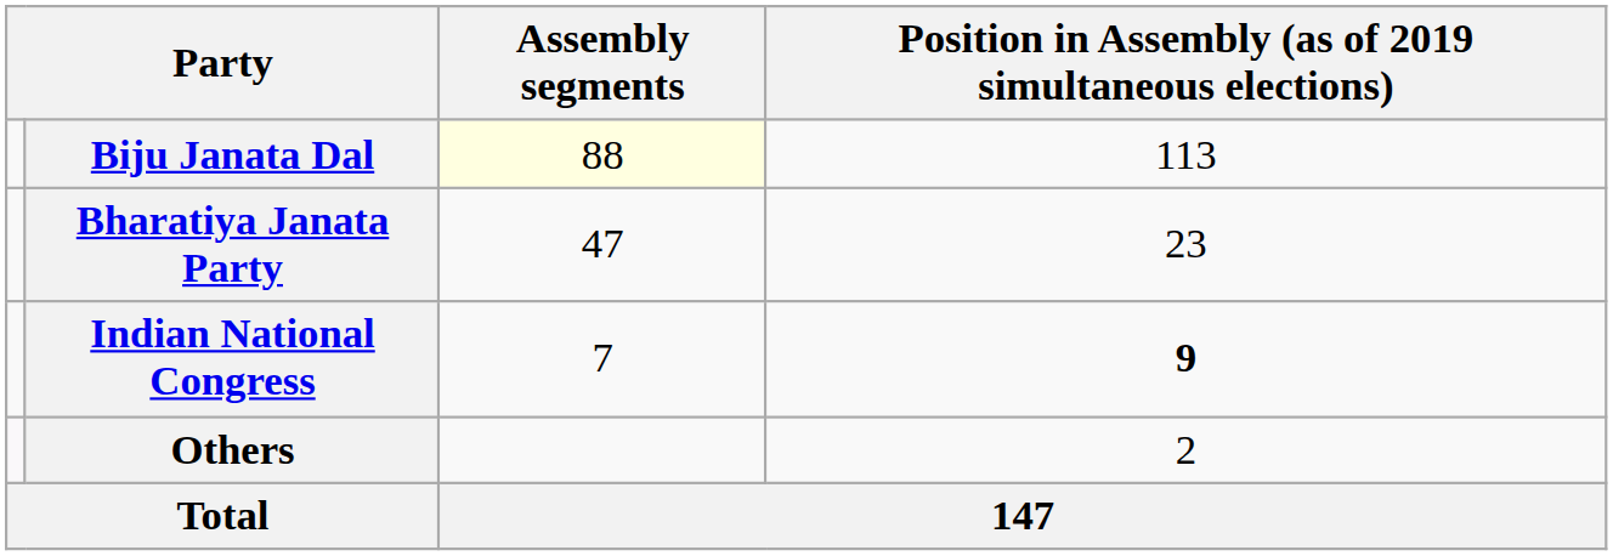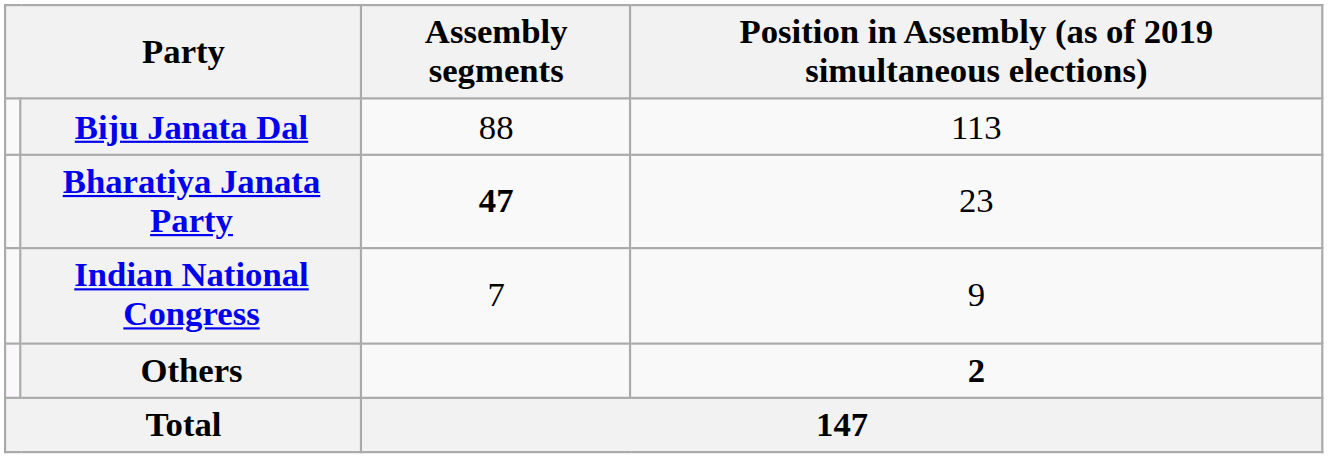 <table class="wikitable" style="text-align:center">
 <tr>
 <th colspan=2>Party</th>
 <th>Assembly segments</th>
 <th>Position in Assembly (as of 2019 simultaneous elections)</th>
 </tr>
 <tr>
 <td></td>
 <th><a href='#'>Biju Janata Dal</a></th>
-<td style="background: lightyellow;">88</td>
+<td>88</td>
 <td>113</td>
 </tr>
 <tr>
 <td></td>
 <th><a href='#'>Bharatiya Janata Party</a></th>
-<td>47</td>
+<td><strong>47</strong></td>
 <td>23</td>
 </tr>
 <tr>
 <td></td>
 <th><a href='#'>Indian National Congress</a></th>
 <td>7</td>
-<td><strong>9</strong></td>
+<td>9</td>
 </tr>
 <tr>
 <td bgcolor=#faf8fa></td>
 <th>Others</th>
 <td></td>
-<td>2</td>
+<td><strong>2</strong></td>
 </tr>
 <tr>
 <th colspan=2>Total</th>
 <th colspan=2>147</th>
 </tr>
 </table>
